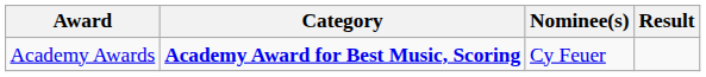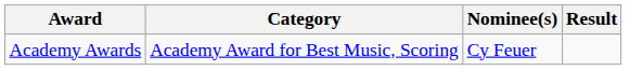 <table class="wikitable plainrowheaders">
 <tr>
 <th>Award</th>
 <th>Category</th>
 <th>Nominee(s)</th>
 <th>Result</th>
 </tr>
 <tr>
 <td rowspan="5"><a href='#'>Academy Awards</a></td>
-<td><strong><a href='#'>Academy Award for Best Music, Scoring</a></strong></td>
+<td><a href='#'>Academy Award for Best Music, Scoring</a></td>
 <td><a href='#'>Cy Feuer</a></td>
 <td></td>
 </tr>
 </table>
